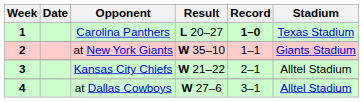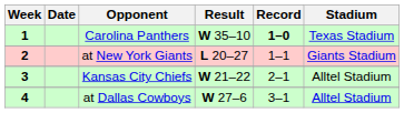 <table class="wikitable" style="text-align:center">
 <tr>
 <th>Week</th>
 <th>Date</th>
 <th>Opponent</th>
 <th>Result</th>
 <th>Record</th>
 <th>Stadium</th>
 </tr>
 <tr style="background: #cfc;">
 <td align="center"><strong>1</strong></td>
 <td></td>
 <td><a href='#'>Carolina Panthers</a></td>
-<td><strong>L</strong> 20–27</td>
+<td><strong>W</strong> 35–10</td>
 <td><strong>1–0</strong></td>
 <td><a href='#'>Texas Stadium</a></td>
 </tr>
 <tr>
 </tr>
 <tr style="background: #fcc;">
 <td align="center"><strong>2</strong></td>
 <td></td>
 <td>at <a href='#'>New York Giants</a></td>
-<td><strong>W</strong> 35–10</td>
+<td><strong>L</strong> 20–27</td>
 <td>1–1</td>
 <td><a href='#'>Giants Stadium</a></td>
 </tr>
 <tr>
 </tr>
 <tr style="background: #cfc;">
 <td align="center"><strong>3</strong></td>
 <td></td>
 <td><a href='#'>Kansas City Chiefs</a></td>
 <td><strong>W</strong> 21–22</td>
 <td>2–1</td>
 <td>Alltel Stadium</td>
 </tr>
 <tr>
 </tr>
 <tr style="background: #cfc;">
 <td align="center"><strong>4</strong></td>
 <td></td>
 <td>at <a href='#'>Dallas Cowboys</a></td>
 <td><strong>W</strong> 27–6</td>
 <td>3–1</td>
 <td><a href='#'>Alltel Stadium</a></td>
 </tr>
 </table>
